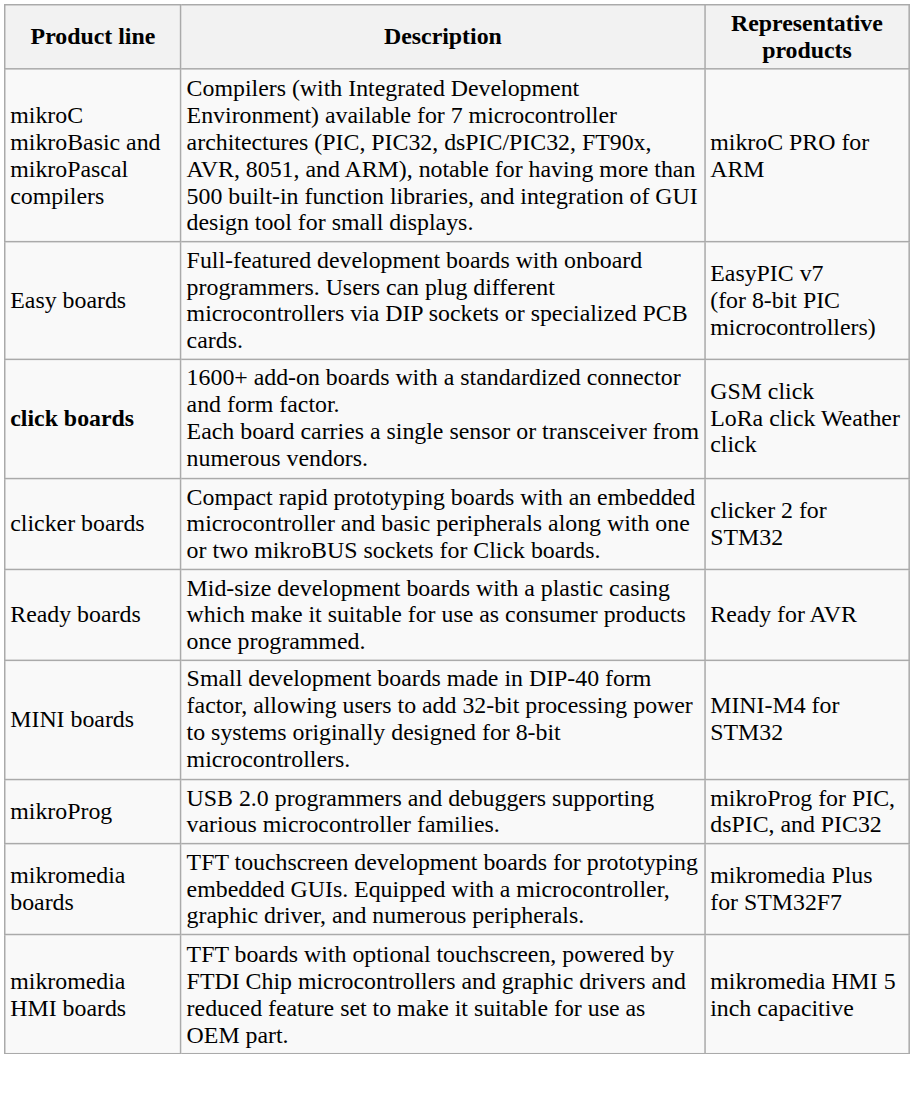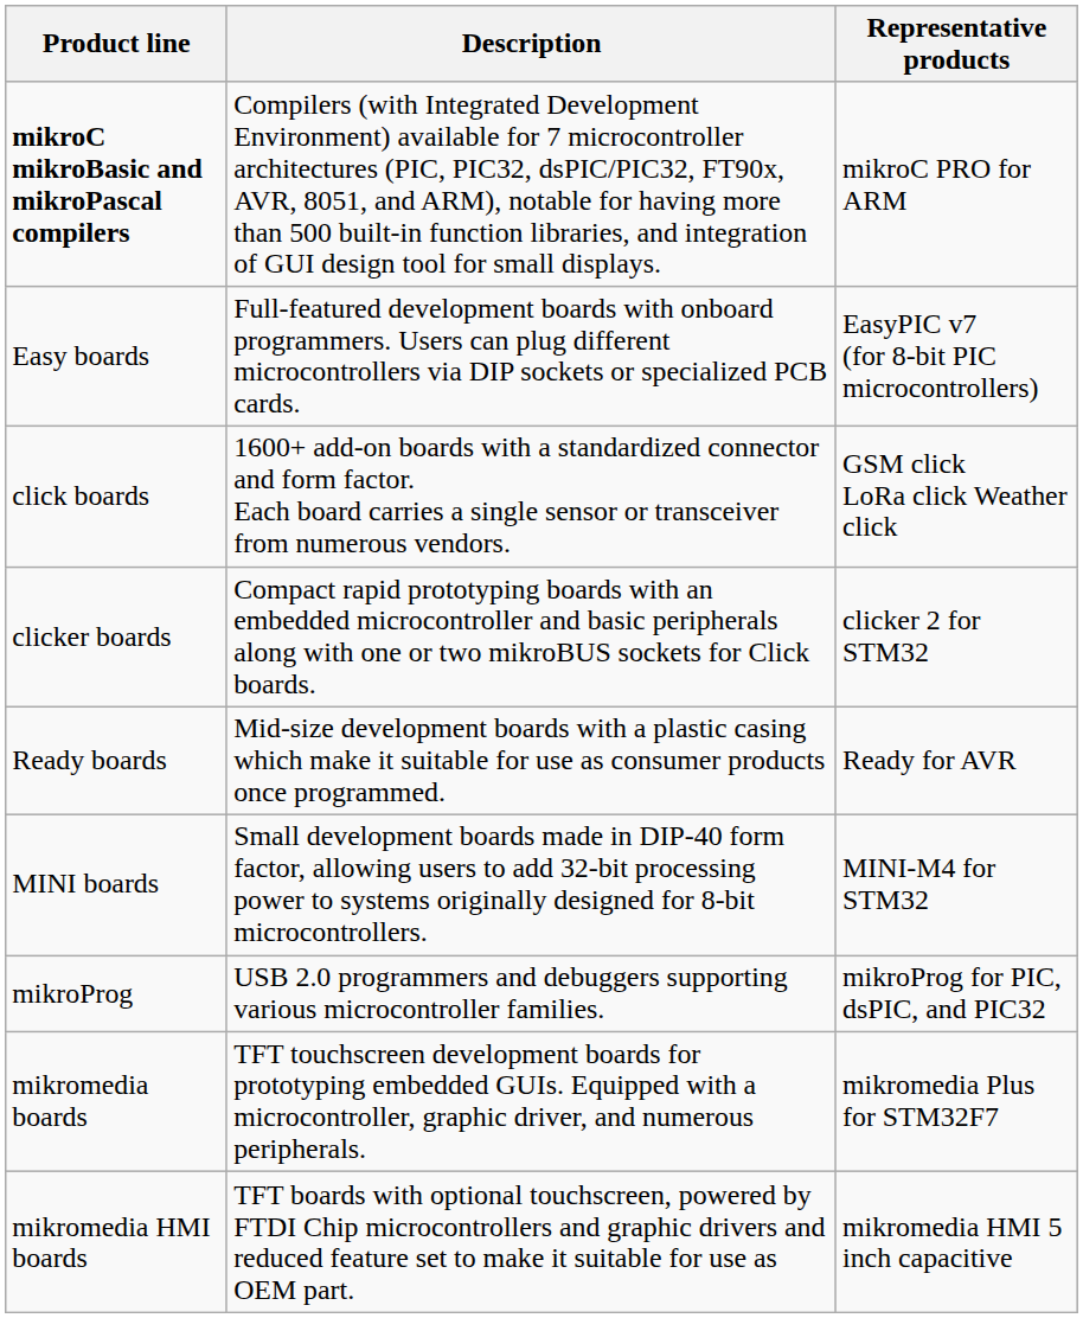 <table class="wikitable">
 <tr>
 <th>Product line</th>
 <th>Description</th>
 <th colspan="2">Representative  products</th>
 </tr>
 <tr>
-<td>mikroC mikroBasic and mikroPascal  compilers</td>
+<td><strong>mikroC mikroBasic and mikroPascal  compilers</strong></td>
 <td>Compilers (with Integrated Development Environment) available for 7  microcontroller architectures (PIC, PIC32, dsPIC/PIC32, FT90x, AVR, 8051, and ARM),  notable for having more than 500 built-in function libraries, and integration  of GUI design tool for small displays.</td>
 <td colspan="2">mikroC PRO for ARM</td>
 </tr>
 <tr>
 <td>Easy boards</td>
 <td>Full-featured development boards with onboard programmers. Users can plug  different microcontrollers via DIP sockets or specialized PCB cards.</td>
 <td colspan="2">EasyPIC v7<br>(for 8-bit PIC  microcontrollers)</td>
 </tr>
 <tr>
-<td><strong>click boards</strong></td>
+<td>click boards</td>
 <td>1600+ add-on boards with a standardized connector and form factor.<br>Each board carries a single sensor or transceiver from numerous vendors.</td>
 <td colspan="2">GSM click<br>LoRa click Weather click</td>
 </tr>
 <tr>
 <td>clicker boards</td>
 <td>Compact rapid prototyping boards with an embedded microcontroller and basic peripherals along with one or two mikroBUS sockets for Click boards.</td>
 <td colspan="2">clicker 2 for STM32</td>
 </tr>
 <tr>
 <td>Ready boards</td>
 <td>Mid-size development boards with a plastic casing which make it suitable for use as consumer products once programmed.</td>
 <td colspan="2">Ready for AVR</td>
 </tr>
 <tr>
 <td>MINI boards</td>
 <td>Small development boards made in DIP-40 form factor, allowing users to add 32-bit processing power to systems originally designed for 8-bit microcontrollers.</td>
 <td colspan="2">MINI-M4 for STM32</td>
 </tr>
 <tr>
 <td>mikroProg</td>
 <td>USB 2.0 programmers and debuggers supporting various microcontroller families.</td>
 <td colspan="2">mikroProg for PIC, dsPIC, and PIC32</td>
 </tr>
 <tr>
 <td>mikromedia boards</td>
 <td>TFT touchscreen development boards for prototyping embedded GUIs. Equipped with a microcontroller, graphic driver, and numerous peripherals.</td>
 <td colspan="2">mikromedia Plus for STM32F7</td>
 </tr>
 <tr>
 <td>mikromedia HMI boards</td>
 <td>TFT boards with optional touchscreen, powered by FTDI Chip microcontrollers and graphic drivers and reduced feature set to make it suitable for use as OEM part.</td>
 <td colspan="2">mikromedia HMI 5 inch capacitive</td>
 </tr>
 </table>
